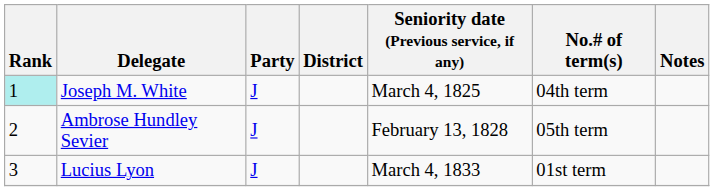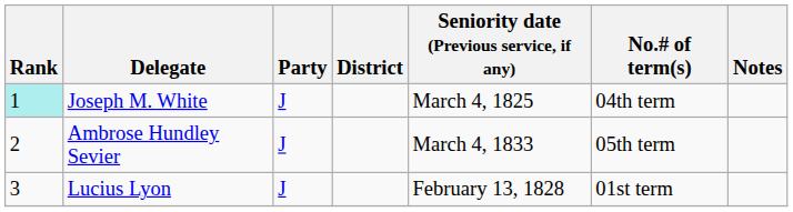 <table class="wikitable sortable">
 <tr valign=bottom>
 <th>Rank</th>
 <th>Delegate</th>
 <th>Party</th>
 <th>District</th>
 <th>Seniority date<br><small>(Previous service, if any)</small><br></th>
 <th>No.# of term(s)</th>
 <th>Notes</th>
 </tr>
 <tr>
 <td style="background: paleturquoise;">1</td>
 <td><a href='#'>Joseph M. White</a></td>
 <td><a href='#'>J</a></td>
 <td></td>
 <td>March 4, 1825</td>
 <td>04th term</td>
 <td></td>
 </tr>
 <tr>
 <td>2</td>
 <td><a href='#'>Ambrose Hundley Sevier</a></td>
 <td><a href='#'>J</a></td>
 <td></td>
-<td>February 13, 1828</td>
+<td>March 4, 1833</td>
 <td>05th term</td>
 <td></td>
 </tr>
 <tr>
 <td>3</td>
 <td><a href='#'>Lucius Lyon</a></td>
 <td><a href='#'>J</a></td>
 <td></td>
-<td>March 4, 1833</td>
+<td>February 13, 1828</td>
 <td>01st term</td>
 <td></td>
 </tr>
 <tr>
 </tr>
 </table>
